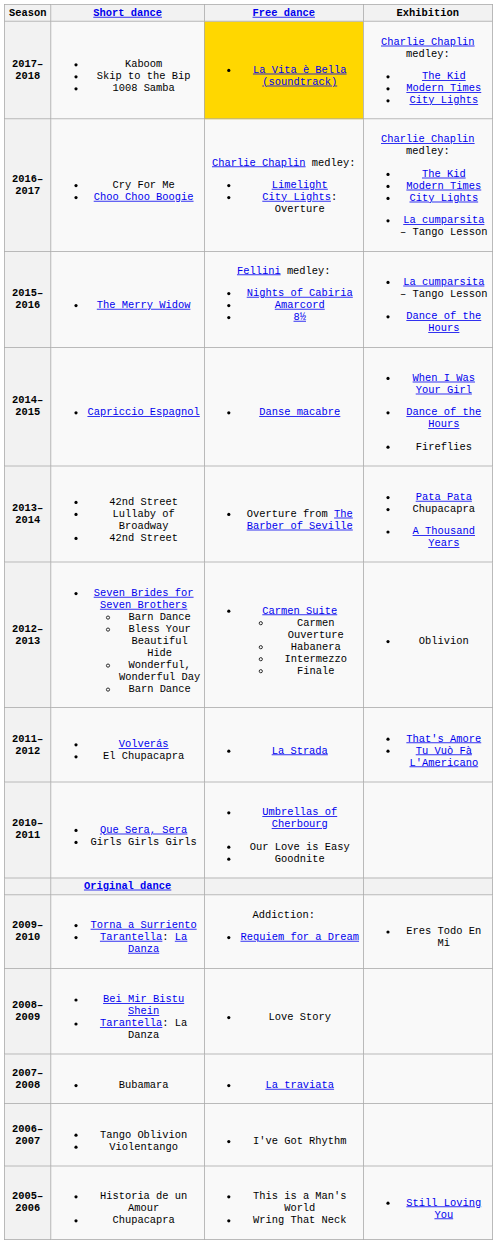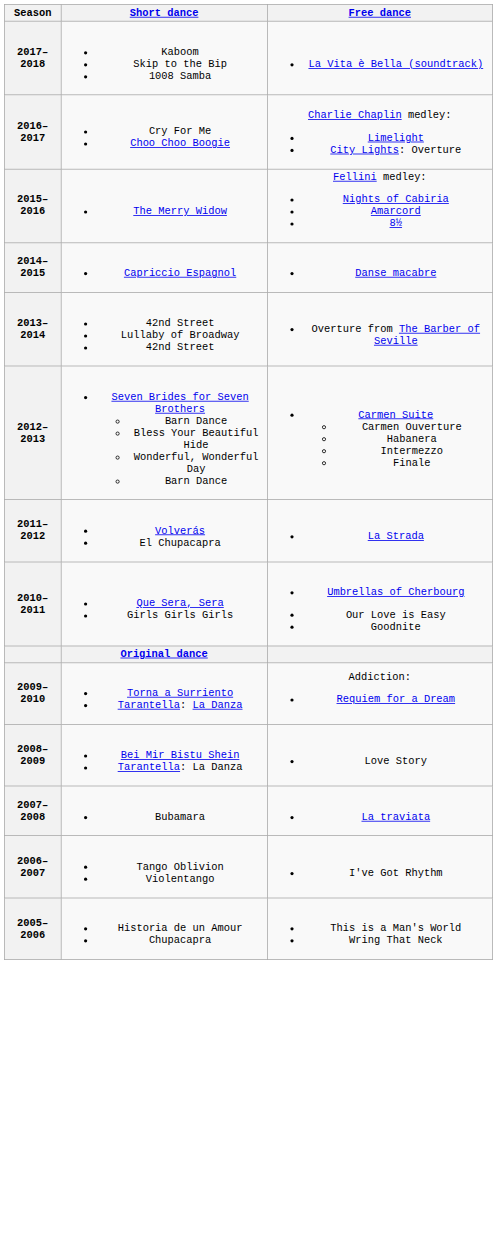 <table class="wikitable" style="text-align:center">
 <tr>
 <th>Season</th>
 <th><a href='#'>Short dance</a></th>
 <th><a href='#'>Free dance</a></th>
-<th>Exhibition</th>
 </tr>
 <tr>
 <th>2017–2018 <br> </th>
 <td><br><ul><li> Kaboom <br> </li><li> Skip to the Bip <br> </li><li> 1008 Samba</li></ul></td>
-<td style="background: gold;"><br><ul><li><a href='#'>La Vita è Bella (soundtrack)</a> <br> </li></ul></td>
-<td><br><a href='#'>Charlie Chaplin</a> medley:<ul><li><a href='#'>The Kid</a></li><li><a href='#'>Modern Times</a></li><li><a href='#'>City Lights</a></li></ul></td>
+<td><br><ul><li><a href='#'>La Vita è Bella (soundtrack)</a> <br> </li></ul></td>
 </tr>
 <tr>
 <th>2016–2017 <br> </th>
 <td><br><ul><li> Cry For Me</li><li> <a href='#'>Choo Choo Boogie</a></li></ul></td>
 <td><br><a href='#'>Charlie Chaplin</a> medley:<ul><li><a href='#'>Limelight</a></li><li><a href='#'>City Lights</a>: Overture</li></ul></td>
-<td><br> <a href='#'>Charlie Chaplin</a> medley:<ul><li><a href='#'>The Kid</a></li><li><a href='#'>Modern Times</a></li><li><a href='#'>City Lights</a></li></ul><ul><li><a href='#'>La cumparsita</a> – Tango Lesson</li></ul></td>
 </tr>
 <tr>
 <th>2015–2016 <br> </th>
 <td><br><ul><li> <a href='#'>The Merry Widow</a> <br></li></ul></td>
 <td><a href='#'>Fellini</a> medley:<br><ul><li><a href='#'>Nights of Cabiria</a></li><li><a href='#'>Amarcord</a></li><li><a href='#'>8½</a> <br></li></ul></td>
-<td><br><ul><li><a href='#'>La cumparsita</a> – Tango Lesson</li></ul><ul><li><a href='#'>Dance of the Hours</a> <br></li></ul></td>
 </tr>
 <tr>
 <th>2014–2015 <br> </th>
 <td><br><ul><li> <a href='#'>Capriccio Espagnol</a> <br></li></ul></td>
 <td><br><ul><li><a href='#'>Danse macabre</a> <br></li></ul></td>
-<td><br><ul><li><a href='#'>When I Was Your Girl</a> <br></li></ul><ul><li><a href='#'>Dance of the Hours</a> <br></li></ul><ul><li>Fireflies <br></li></ul></td>
 </tr>
 <tr>
 <th>2013–2014 <br> </th>
 <td><br><ul><li> 42nd Street</li><li> Lullaby of Broadway</li><li> 42nd Street</li></ul></td>
 <td><br><ul><li>Overture from <a href='#'>The Barber of Seville</a> <br></li></ul></td>
-<td><br><ul><li><a href='#'>Pata Pata</a> <br></li><li>Chupacapra</li></ul><ul><li><a href='#'>A Thousand Years</a> <br></li></ul></td>
 </tr>
 <tr>
 <th>2012–2013 <br> </th>
 <td><br><ul><li><a href='#'>Seven Brides for Seven Brothers</a> <br><ul><li> Barn Dance</li><li> Bless Your Beautiful Hide</li><li> Wonderful, Wonderful Day</li><li> Barn Dance <br></li></ul></li></ul></td>
 <td><br><ul><li><a href='#'>Carmen Suite</a> <br><ul><li>Carmen Ouverture</li><li>Habanera</li><li>Intermezzo</li><li>Finale <br></li></ul></li></ul></td>
-<td><br><ul><li>Oblivion <br></li></ul></td>
 </tr>
 <tr>
 <th>2011–2012 <br> </th>
 <td><br><ul><li> <a href='#'>Volverás</a> <br></li><li> El Chupacapra</li></ul></td>
 <td><br><ul><li><a href='#'>La Strada</a> <br></li></ul></td>
-<td><br><ul><li><a href='#'>That's Amore</a> <br></li><li><a href='#'>Tu Vuò Fà L'Americano</a> <br></li></ul></td>
 </tr>
 <tr>
 <th>2010–2011 <br> </th>
 <td><br><ul><li> <a href='#'>Que Sera, Sera</a> <br></li><li> Girls Girls Girls <br></li></ul></td>
 <td><br><ul><li><a href='#'>Umbrellas of Cherbourg</a> <br> </li></ul><ul><li>Our Love is Easy</li><li>Goodnite <br></li></ul></td>
-<td></td>
 </tr>
 <tr>
 <th></th>
 <th><a href='#'>Original dance</a></th>
-<th></th>
 <th></th>
 </tr>
 <tr>
 <th>2009–2010 <br> </th>
 <td><br><ul><li><a href='#'>Torna a Surriento</a> <br> </li><li><a href='#'>Tarantella</a>: <a href='#'>La Danza</a> <br></li></ul></td>
 <td>Addiction:<br><ul><li><a href='#'>Requiem for a Dream</a> <br></li></ul></td>
-<td><br><ul><li>Eres Todo En Mi</li></ul></td>
 </tr>
 <tr>
 <th>2008–2009 <br> </th>
 <td><br><ul><li><a href='#'>Bei Mir Bistu Shein</a> <br></li><li><a href='#'>Tarantella</a>: La Danza <br></li></ul></td>
 <td><br><ul><li>Love Story <br></li></ul></td>
-<td></td>
 </tr>
 <tr>
 <th>2007–2008 <br> </th>
 <td><br><ul><li>Bubamara <br> </li></ul></td>
 <td><br><ul><li><a href='#'>La traviata</a> <br></li></ul></td>
-<td></td>
 </tr>
 <tr>
 <th>2006–2007 <br> </th>
 <td><br><ul><li>Tango Oblivion</li><li>Violentango</li></ul></td>
 <td><br><ul><li>I've Got Rhythm <br></li></ul></td>
-<td></td>
 </tr>
 <tr>
 <th>2005–2006 <br> </th>
 <td><br><ul><li>Historia de un Amour</li><li>Chupacapra</li></ul></td>
 <td><br><ul><li>This is a Man's World <br></li><li>Wring That Neck <br></li></ul></td>
-<td><br><ul><li><a href='#'>Still Loving You</a> <br></li></ul></td>
 </tr>
 </table>
